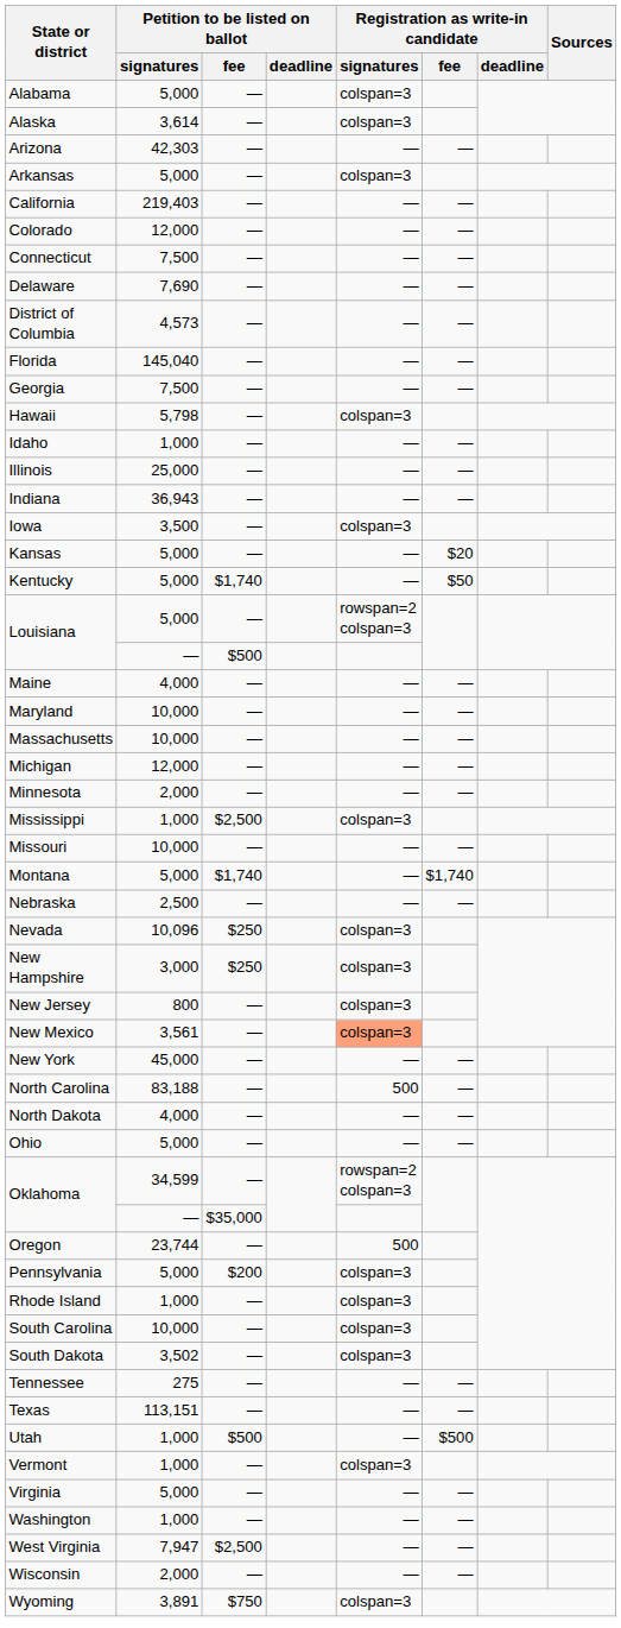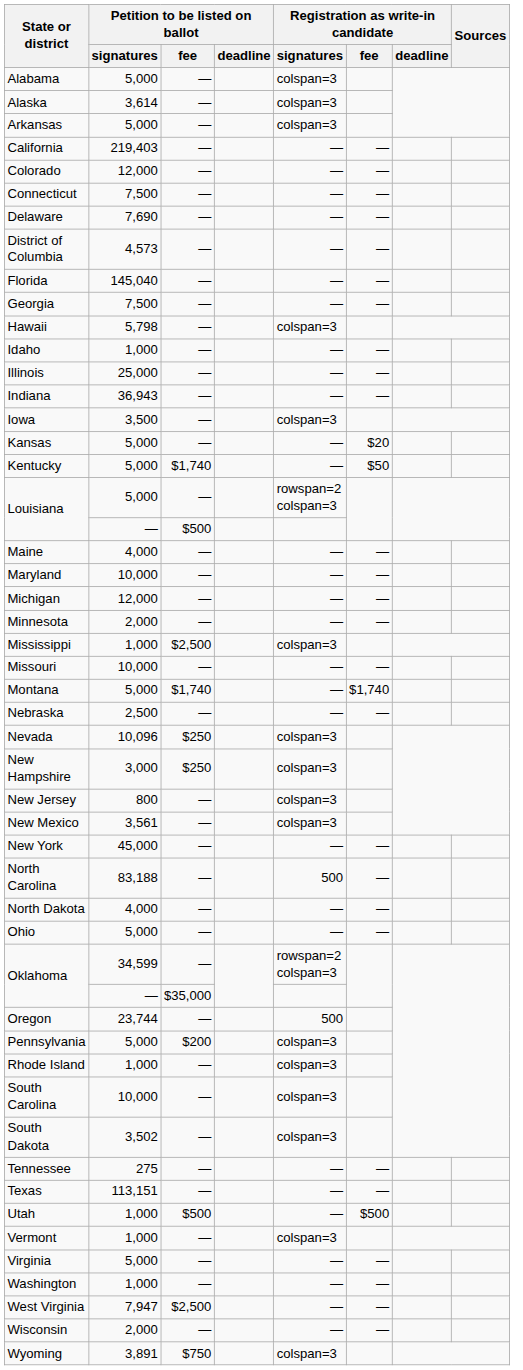 <table class="wikitable sortable" style="line-height:1.3">
 <tr>
 <th rowspan=2>State or district</th>
 <th colspan=3>Petition to be listed on ballot</th>
 <th colspan=3>Registration as write-in candidate</th>
 <th rowspan=2 class=unsortable>Sources</th>
 </tr>
 <tr>
 <th>signatures</th>
 <th data-sort-type=currency>fee</th>
 <th>deadline</th>
 <th>signatures</th>
 <th data-sort-type=currency>fee</th>
 <th>deadline</th>
 </tr>
 <tr>
 <td>Alabama</td>
 <td align=right>5,000</td>
 <td align=right>—</td>
 <td></td>
 <td>colspan=3 </td>
 <td></td>
 </tr>
 <tr>
 <td>Alaska</td>
 <td align=right>3,614</td>
 <td align=right>—</td>
 <td></td>
 <td>colspan=3 </td>
-<td></td>
-</tr>
-<tr>
-<td>Arizona</td>
-<td align=right>42,303</td>
-<td align=right>—</td>
-<td></td>
-<td align=right>—</td>
-<td align=right>—</td>
-<td></td>
 <td></td>
 </tr>
 <tr>
 <td>Arkansas</td>
 <td align=right>5,000</td>
 <td align=right>—</td>
 <td></td>
 <td>colspan=3 </td>
 <td></td>
 </tr>
 <tr>
 <td>California</td>
 <td align=right>219,403</td>
 <td align=right>—</td>
 <td></td>
 <td align=right>—</td>
 <td align=right>—</td>
 <td></td>
 <td></td>
 </tr>
 <tr>
 <td>Colorado</td>
 <td align=right>12,000</td>
 <td align=right>—</td>
 <td></td>
 <td align=right>—</td>
 <td align=right>—</td>
 <td></td>
 <td></td>
 </tr>
 <tr>
 <td>Connecticut</td>
 <td align=right>7,500</td>
 <td align=right>—</td>
 <td></td>
 <td align=right>—</td>
 <td align=right>—</td>
 <td></td>
 <td></td>
 </tr>
 <tr>
 <td>Delaware</td>
 <td align=right>7,690</td>
 <td align=right>—</td>
 <td></td>
 <td align=right>—</td>
 <td align=right>—</td>
 <td></td>
 <td></td>
 </tr>
 <tr>
 <td>District of Columbia</td>
 <td align=right>4,573</td>
 <td align=right>—</td>
 <td></td>
 <td align=right>—</td>
 <td align=right>—</td>
 <td></td>
 <td></td>
 </tr>
 <tr>
 <td>Florida</td>
 <td align=right>145,040</td>
 <td align=right>—</td>
 <td></td>
 <td align=right>—</td>
 <td align=right>—</td>
 <td></td>
 <td></td>
 </tr>
 <tr>
 <td>Georgia</td>
 <td align=right>7,500</td>
 <td align=right>—</td>
 <td></td>
 <td align=right>—</td>
 <td align=right>—</td>
 <td></td>
 <td></td>
 </tr>
 <tr>
 <td>Hawaii</td>
 <td align=right>5,798</td>
 <td align=right>—</td>
 <td></td>
 <td>colspan=3 </td>
 <td></td>
 </tr>
 <tr>
 <td>Idaho</td>
 <td align=right>1,000</td>
 <td align=right>—</td>
 <td></td>
 <td align=right>—</td>
 <td align=right>—</td>
 <td></td>
 <td></td>
 </tr>
 <tr>
 <td>Illinois</td>
 <td align=right>25,000</td>
 <td align=right>—</td>
 <td></td>
 <td align=right>—</td>
 <td align=right>—</td>
 <td></td>
 <td></td>
 </tr>
 <tr>
 <td>Indiana</td>
 <td align=right>36,943</td>
 <td align=right>—</td>
 <td></td>
 <td align=right>—</td>
 <td align=right>—</td>
 <td></td>
 <td></td>
 </tr>
 <tr>
 <td>Iowa</td>
 <td align=right>3,500</td>
 <td align=right>—</td>
 <td></td>
 <td>colspan=3 </td>
 <td></td>
 </tr>
 <tr>
 <td>Kansas</td>
 <td align=right>5,000</td>
 <td align=right>—</td>
 <td></td>
 <td align=right>—</td>
 <td align=right>$20</td>
 <td></td>
 <td></td>
 </tr>
 <tr>
 <td>Kentucky</td>
 <td align=right>5,000</td>
 <td align=right>$1,740</td>
 <td></td>
 <td align=right>—</td>
 <td align=right>$50</td>
 <td></td>
 <td></td>
 </tr>
 <tr>
 <td rowspan=2>Louisiana</td>
 <td align=right>5,000</td>
 <td align=right>—</td>
 <td></td>
 <td>rowspan=2 colspan=3 </td>
 <td rowspan=2></td>
 </tr>
 <tr>
 <td align=right>—</td>
 <td align=right>$500</td>
 <td></td>
 </tr>
 <tr>
 <td>Maine</td>
 <td align=right>4,000</td>
 <td align=right>—</td>
 <td></td>
 <td align=right>—</td>
 <td align=right>—</td>
 <td></td>
 <td></td>
 </tr>
 <tr>
 <td>Maryland</td>
 <td align=right>10,000</td>
 <td align=right>—</td>
 <td></td>
 <td align=right>—</td>
 <td align=right>—</td>
 <td></td>
 <td></td>
 </tr>
 <tr>
-<td>Massachusetts</td>
-<td align=right>10,000</td>
-<td align=right>—</td>
-<td></td>
-<td align=right>—</td>
-<td align=right>—</td>
-<td></td>
-<td></td>
-</tr>
-<tr>
 <td>Michigan</td>
 <td align=right>12,000</td>
 <td align=right>—</td>
 <td></td>
 <td align=right>—</td>
 <td align=right>—</td>
 <td></td>
 <td></td>
 </tr>
 <tr>
 <td>Minnesota</td>
 <td align=right>2,000</td>
 <td align=right>—</td>
 <td></td>
 <td align=right>—</td>
 <td align=right>—</td>
 <td></td>
 <td></td>
 </tr>
 <tr>
 <td>Mississippi</td>
 <td align=right>1,000</td>
 <td align=right>$2,500</td>
 <td></td>
 <td>colspan=3 </td>
 <td></td>
 </tr>
 <tr>
 <td>Missouri</td>
 <td align=right>10,000</td>
 <td align=right>—</td>
 <td></td>
 <td align=right>—</td>
 <td align=right>—</td>
 <td></td>
 <td></td>
 </tr>
 <tr>
 <td>Montana</td>
 <td align=right>5,000</td>
 <td align=right>$1,740</td>
 <td></td>
 <td align=right>—</td>
 <td align=right>$1,740</td>
 <td></td>
 <td></td>
 </tr>
 <tr>
 <td>Nebraska</td>
 <td align=right>2,500</td>
 <td align=right>—</td>
 <td></td>
 <td align=right>—</td>
 <td align=right>—</td>
 <td></td>
 <td></td>
 </tr>
 <tr>
 <td>Nevada</td>
 <td align=right>10,096</td>
 <td align=right>$250</td>
 <td></td>
 <td>colspan=3 </td>
 <td></td>
 </tr>
 <tr>
 <td>New Hampshire</td>
 <td align=right>3,000</td>
 <td align=right>$250</td>
 <td></td>
 <td>colspan=3 </td>
 <td></td>
 </tr>
 <tr>
 <td>New Jersey</td>
 <td align=right>800</td>
 <td align=right>—</td>
 <td></td>
 <td>colspan=3 </td>
 <td></td>
 </tr>
 <tr>
 <td>New Mexico</td>
 <td align=right>3,561</td>
 <td align=right>—</td>
 <td></td>
-<td style="background: lightsalmon;">colspan=3 </td>
+<td>colspan=3 </td>
 <td></td>
 </tr>
 <tr>
 <td>New York</td>
 <td align=right>45,000</td>
 <td align=right>—</td>
 <td></td>
 <td align=right>—</td>
 <td align=right>—</td>
 <td></td>
 <td></td>
 </tr>
 <tr>
 <td>North Carolina</td>
 <td align=right>83,188</td>
 <td align=right>—</td>
 <td></td>
 <td align=right>500</td>
 <td align=right>—</td>
 <td></td>
 <td></td>
 </tr>
 <tr>
 <td>North Dakota</td>
 <td align=right>4,000</td>
 <td align=right>—</td>
 <td></td>
 <td align=right>—</td>
 <td align=right>—</td>
 <td></td>
 <td></td>
 </tr>
 <tr>
 <td>Ohio</td>
 <td align=right>5,000</td>
 <td align=right>—</td>
 <td></td>
 <td align=right>—</td>
 <td align=right>—</td>
 <td></td>
 <td></td>
 </tr>
 <tr>
 <td rowspan=2>Oklahoma</td>
 <td align=right>34,599</td>
 <td align=right>—</td>
 <td rowspan=2></td>
 <td>rowspan=2 colspan=3 </td>
 <td rowspan=2></td>
 </tr>
 <tr>
 <td align=right>—</td>
 <td align=right>$35,000</td>
 </tr>
 <tr>
 <td>Oregon</td>
 <td align=right>23,744</td>
 <td align=right>—</td>
 <td></td>
 <td align=right>500</td>
 <td></td>
 </tr>
 <tr>
 <td>Pennsylvania</td>
 <td align=right>5,000</td>
 <td align=right>$200</td>
 <td></td>
 <td>colspan=3 </td>
 <td></td>
 </tr>
 <tr>
 <td>Rhode Island</td>
 <td align=right>1,000</td>
 <td align=right>—</td>
 <td></td>
 <td>colspan=3 </td>
 <td></td>
 </tr>
 <tr>
 <td>South Carolina</td>
 <td align=right>10,000</td>
 <td align=right>—</td>
 <td></td>
 <td>colspan=3 </td>
 <td></td>
 </tr>
 <tr>
 <td>South Dakota</td>
 <td align=right>3,502</td>
 <td align=right>—</td>
 <td></td>
 <td>colspan=3 </td>
 <td></td>
 </tr>
 <tr>
 <td>Tennessee</td>
 <td align=right>275</td>
 <td align=right>—</td>
 <td></td>
 <td align=right>—</td>
 <td align=right>—</td>
 <td></td>
 <td></td>
 </tr>
 <tr>
 <td>Texas</td>
 <td align=right>113,151</td>
 <td align=right>—</td>
 <td></td>
 <td align=right>—</td>
 <td align=right>—</td>
 <td></td>
 <td></td>
 </tr>
 <tr>
 <td>Utah</td>
 <td align=right>1,000</td>
 <td align=right>$500</td>
 <td></td>
 <td align=right>—</td>
 <td align=right>$500</td>
 <td></td>
 <td></td>
 </tr>
 <tr>
 <td>Vermont</td>
 <td align=right>1,000</td>
 <td align=right>—</td>
 <td></td>
 <td>colspan=3 </td>
 <td></td>
 </tr>
 <tr>
 <td>Virginia</td>
 <td align=right>5,000</td>
 <td align=right>—</td>
 <td></td>
 <td align=right>—</td>
 <td align=right>—</td>
 <td></td>
 <td></td>
 </tr>
 <tr>
 <td>Washington</td>
 <td align=right>1,000</td>
 <td align=right>—</td>
 <td></td>
 <td align=right>—</td>
 <td align=right>—</td>
 <td></td>
 <td></td>
 </tr>
 <tr>
 <td>West Virginia</td>
 <td align=right>7,947</td>
 <td align=right>$2,500</td>
 <td></td>
 <td align=right>—</td>
 <td align=right>—</td>
 <td></td>
 <td></td>
 </tr>
 <tr>
 <td>Wisconsin</td>
 <td align=right>2,000</td>
 <td align=right>—</td>
 <td></td>
 <td align=right>—</td>
 <td align=right>—</td>
 <td></td>
 <td></td>
 </tr>
 <tr>
 <td>Wyoming</td>
 <td align=right>3,891</td>
 <td align=right>$750</td>
 <td></td>
 <td>colspan=3 </td>
 <td></td>
 </tr>
 </table>
